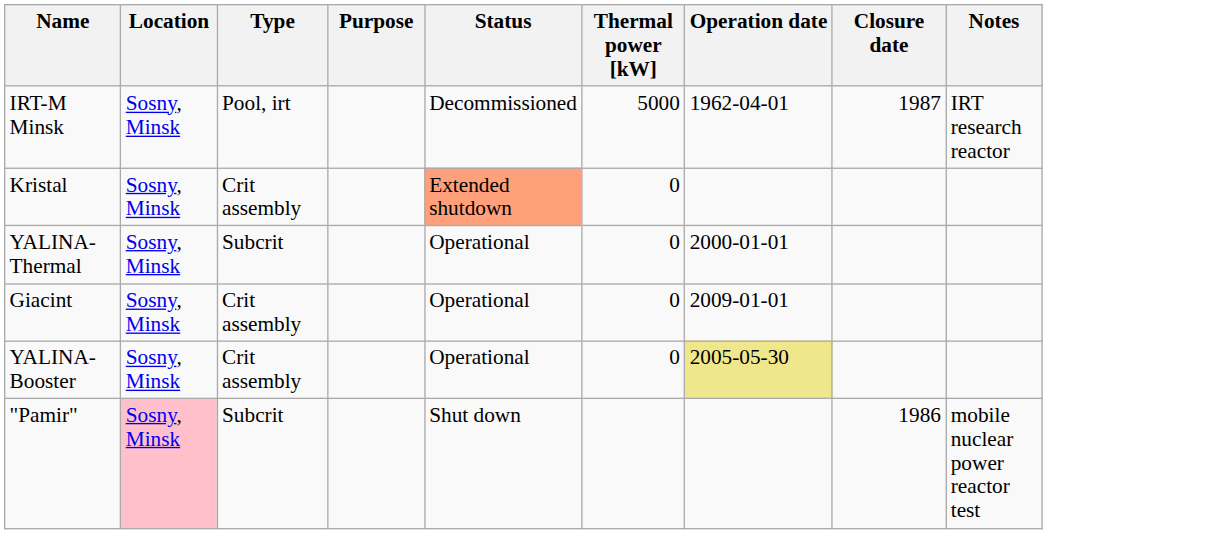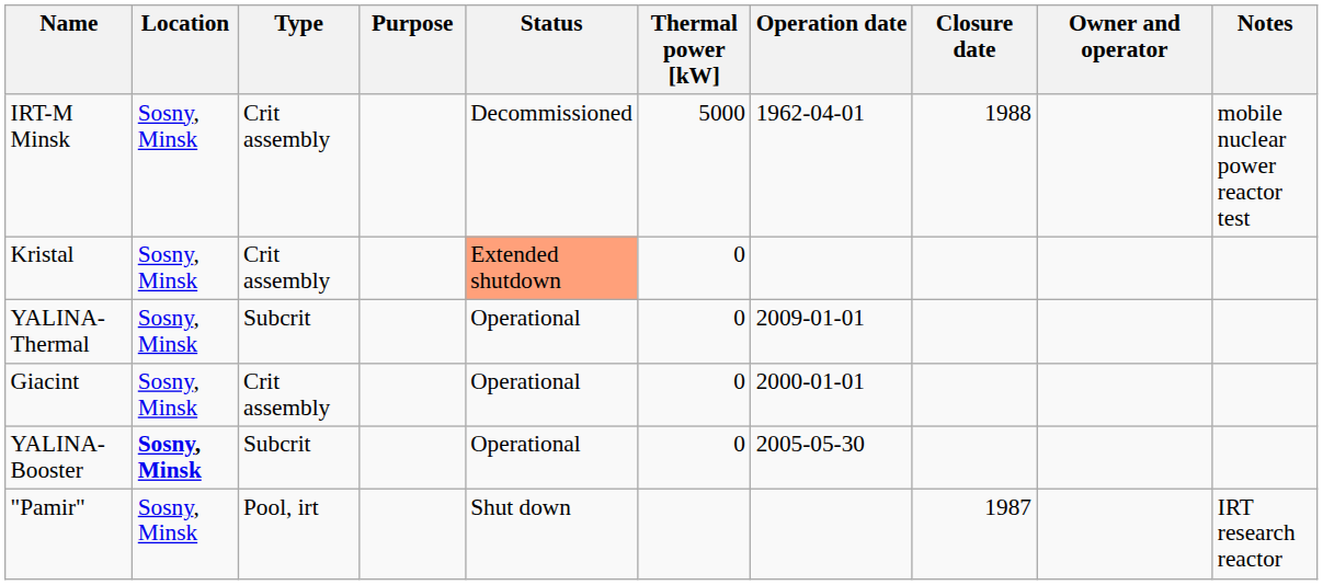 <table class="wikitable" >
 <tr valign="top">
 <th width="80">Name</th>
 <th width="65">Location</th>
 <th width="76">Type</th>
 <th width="65">Purpose</th>
 <th width="91">Status</th>
 <th width="70“">Thermal power [kW]</th>
 <th width=„67“>Operation date</th>
 <th width="78“">Closure date</th>
+<th width="113“">Owner and operator</th>
 <th width="65">Notes</th>
 </tr>
 <tr valign="top">
 <td>IRT-M Minsk</td>
 <td><a href='#'>Sosny</a>, <a href='#'>Minsk</a></td>
-<td>Pool, irt</td>
+<td>Crit assembly</td>
 <td></td>
 <td>Decommissioned</td>
 <td align="right">5000</td>
 <td>1962-04-01</td>
-<td align="right">1987</td>
-<td>IRT research reactor</td>
+<td align="right">1988</td>
+<td></td>
+<td>mobile nuclear power reactor test</td>
 </tr>
 <tr valign="top">
 <td>Kristal</td>
 <td><a href='#'>Sosny</a>, <a href='#'>Minsk</a></td>
 <td>Crit assembly</td>
 <td></td>
 <td style="background: lightsalmon;">Extended shutdown</td>
 <td align="right">0</td>
 <td> </td>
 <td></td>
 <td></td>
+<td></td>
 </tr>
 <tr valign="top">
 <td>YALINA-Thermal</td>
 <td><a href='#'>Sosny</a>, <a href='#'>Minsk</a></td>
 <td>Subcrit</td>
 <td></td>
 <td>Operational</td>
 <td align="right">0</td>
-<td>2000-01-01</td>
+<td>2009-01-01</td>
+<td></td>
 <td></td>
 <td></td>
 </tr>
 <tr valign="top">
 <td>Giacint</td>
 <td><a href='#'>Sosny</a>, <a href='#'>Minsk</a></td>
 <td>Crit assembly</td>
 <td></td>
 <td>Operational</td>
 <td align="right">0</td>
-<td>2009-01-01</td>
+<td>2000-01-01</td>
+<td></td>
 <td></td>
 <td></td>
 </tr>
 <tr valign="top">
 <td>YALINA-Booster</td>
-<td><a href='#'>Sosny</a>, <a href='#'>Minsk</a></td>
-<td>Crit assembly</td>
+<td><strong><a href='#'>Sosny</a>, <a href='#'>Minsk</a></strong></td>
+<td>Subcrit</td>
 <td></td>
 <td>Operational</td>
 <td align="right">0</td>
-<td style="background: khaki;">2005-05-30</td>
+<td>2005-05-30</td>
+<td></td>
 <td></td>
 <td></td>
 </tr>
 <tr valign="top">
 <td>"Pamir"</td>
-<td style="background: pink;"><a href='#'>Sosny</a>, <a href='#'>Minsk</a></td>
-<td>Subcrit</td>
+<td><a href='#'>Sosny</a>, <a href='#'>Minsk</a></td>
+<td>Pool, irt</td>
 <td></td>
 <td>Shut down</td>
 <td align="right"></td>
 <td></td>
-<td align="right">1986</td>
-<td>mobile nuclear power reactor test</td>
+<td align="right">1987</td>
+<td></td>
+<td>IRT research reactor</td>
 </tr>
 </table>
